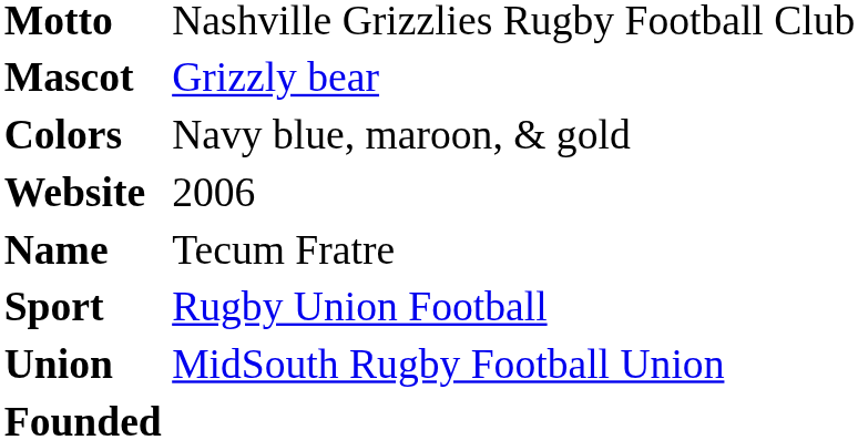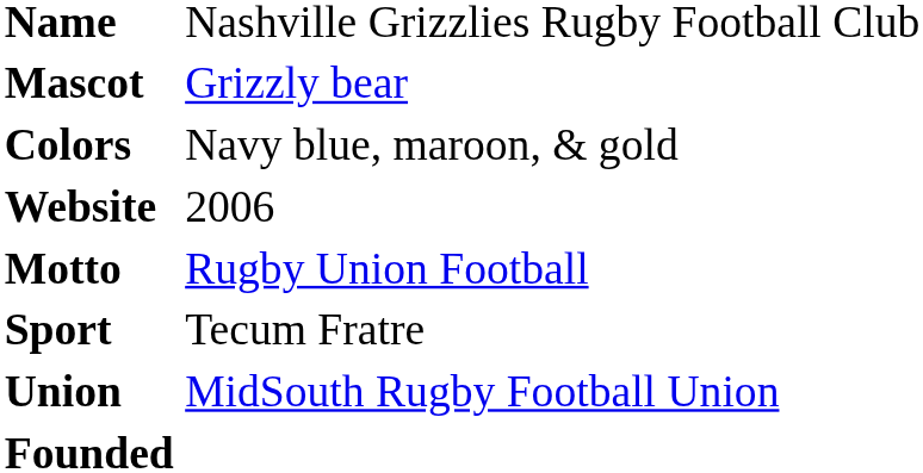 <table class="toccolours" style="float: right; clear: right; margin: 0 0 0.5em 1em; ">
 <tr style="vertical-align: top;">
 <td colspan="2" align="center"></td>
 </tr>
 <tr style="vertical-align: top;">
 <td colspan="2" align="center"></td>
 </tr>
 <tr style="vertical-align: top;">
-<td><strong>Motto</strong></td>
+<td><strong>Name</strong></td>
 <td>Nashville Grizzlies Rugby Football Club</td>
 </tr>
 <tr style="vertical-align: top;">
 <td><strong>Mascot</strong></td>
 <td><a href='#'>Grizzly bear</a></td>
 </tr>
 <tr style="vertical-align: top;">
 <td><strong>Colors</strong></td>
 <td>Navy blue, maroon, & gold</td>
 </tr>
 <tr style="vertical-align: top;">
 <td><strong>Website</strong></td>
 <td>2006</td>
 </tr>
 <tr style="vertical-align: top;">
-<td><strong>Name</strong></td>
-<td>Tecum Fratre</td>
+<td><strong>Motto</strong></td>
+<td><a href='#'>Rugby Union Football</a></td>
 </tr>
 <tr style="vertical-align: top;">
 <td><strong>Sport</strong></td>
-<td><a href='#'>Rugby Union Football</a></td>
+<td>Tecum Fratre</td>
 </tr>
 <tr style="vertical-align: top;">
 <td><strong>Union</strong></td>
 <td><a href='#'>MidSouth Rugby Football Union</a></td>
 </tr>
 <tr style="vertical-align: top;">
 <td><strong>Founded</strong></td>
 <td></td>
 </tr>
 <tr style="vertical-align: top;">
 </tr>
 </table>
